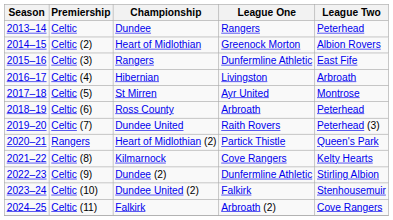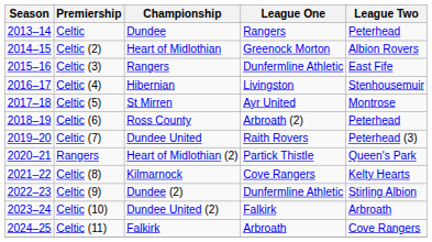 <table class="wikitable">
 <tr>
 <th>Season</th>
 <th>Premiership</th>
 <th>Championship</th>
 <th>League One</th>
 <th>League Two</th>
 </tr>
 <tr>
 <td><a href='#'>2013–14</a></td>
 <td><a href='#'>Celtic</a></td>
 <td><a href='#'>Dundee</a></td>
 <td><a href='#'>Rangers</a></td>
 <td><a href='#'>Peterhead</a></td>
 </tr>
 <tr>
 <td><a href='#'>2014–15</a></td>
 <td><a href='#'>Celtic</a> (2)</td>
 <td><a href='#'>Heart of Midlothian</a></td>
 <td><a href='#'>Greenock Morton</a></td>
 <td><a href='#'>Albion Rovers</a></td>
 </tr>
 <tr>
 <td><a href='#'>2015–16</a></td>
 <td><a href='#'>Celtic</a> (3)</td>
 <td><a href='#'>Rangers</a></td>
 <td><a href='#'>Dunfermline Athletic</a></td>
 <td><a href='#'>East Fife</a></td>
 </tr>
 <tr>
 <td><a href='#'>2016–17</a></td>
 <td><a href='#'>Celtic</a> (4)</td>
 <td><a href='#'>Hibernian</a></td>
 <td><a href='#'>Livingston</a></td>
-<td><a href='#'>Arbroath</a></td>
+<td><a href='#'>Stenhousemuir</a></td>
 </tr>
 <tr>
 <td><a href='#'>2017–18</a></td>
 <td><a href='#'>Celtic</a> (5)</td>
 <td><a href='#'>St Mirren</a></td>
 <td><a href='#'>Ayr United</a></td>
 <td><a href='#'>Montrose</a></td>
 </tr>
 <tr>
 <td><a href='#'>2018–19</a></td>
 <td><a href='#'>Celtic</a> (6)</td>
 <td><a href='#'>Ross County</a></td>
-<td><a href='#'>Arbroath</a></td>
+<td><a href='#'>Arbroath</a> (2)</td>
 <td><a href='#'>Peterhead</a></td>
 </tr>
 <tr>
 <td><a href='#'>2019–20</a></td>
 <td><a href='#'>Celtic</a> (7)</td>
 <td><a href='#'>Dundee United</a></td>
 <td><a href='#'>Raith Rovers</a></td>
 <td><a href='#'>Peterhead</a> (3)</td>
 </tr>
 <tr>
 <td><a href='#'>2020–21</a></td>
 <td><a href='#'>Rangers</a></td>
 <td><a href='#'>Heart of Midlothian</a> (2)</td>
 <td><a href='#'>Partick Thistle</a></td>
 <td><a href='#'>Queen's Park</a></td>
 </tr>
 <tr>
 <td><a href='#'>2021–22</a></td>
 <td><a href='#'>Celtic</a> (8)</td>
 <td><a href='#'>Kilmarnock</a></td>
 <td><a href='#'>Cove Rangers</a></td>
 <td><a href='#'>Kelty Hearts</a></td>
 </tr>
 <tr>
 <td><a href='#'>2022–23</a></td>
 <td><a href='#'>Celtic</a> (9)</td>
 <td><a href='#'>Dundee</a> (2)</td>
 <td><a href='#'>Dunfermline Athletic</a></td>
 <td><a href='#'>Stirling Albion</a></td>
 </tr>
 <tr>
 <td><a href='#'>2023–24</a></td>
 <td><a href='#'>Celtic</a> (10)</td>
 <td><a href='#'>Dundee United</a> (2)</td>
 <td><a href='#'>Falkirk</a></td>
-<td><a href='#'>Stenhousemuir</a></td>
+<td><a href='#'>Arbroath</a></td>
 </tr>
 <tr>
 <td><a href='#'>2024–25</a></td>
 <td><a href='#'>Celtic</a> (11)</td>
 <td><a href='#'>Falkirk</a></td>
-<td><a href='#'>Arbroath</a> (2)</td>
+<td><a href='#'>Arbroath</a></td>
 <td><a href='#'>Cove Rangers</a></td>
 </tr>
 <tr>
 </tr>
 </table>
